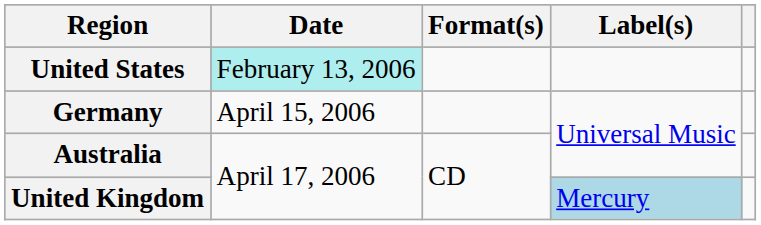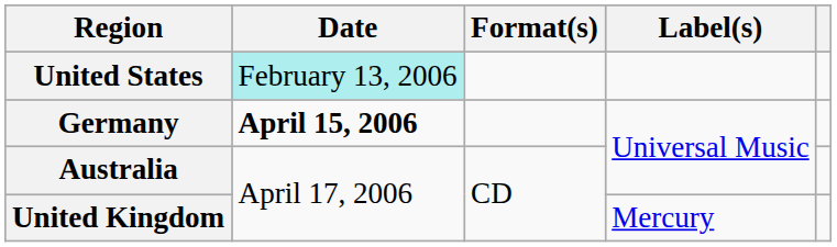 <table class="wikitable plainrowheaders">
 <tr>
 <th scope="col">Region</th>
 <th scope="col">Date</th>
 <th scope="col">Format(s)</th>
 <th scope="col">Label(s)</th>
 <th scope="col"></th>
 </tr>
 <tr>
 <th scope="row">United States</th>
 <td style="background: paleturquoise;">February 13, 2006</td>
 <td></td>
 <td></td>
 <td align="center"></td>
 </tr>
 <tr>
 <th scope="row">Germany</th>
-<td>April 15, 2006</td>
+<td><strong>April 15, 2006</strong></td>
 <td></td>
 <td rowspan="2"><a href='#'>Universal Music</a></td>
 <td></td>
 </tr>
 <tr>
 <th scope="row">Australia</th>
 <td rowspan="2">April 17, 2006</td>
 <td rowspan="2">CD</td>
 <td align="center"></td>
 </tr>
 <tr>
 <th scope="row">United Kingdom</th>
-<td style="background: lightblue;"><a href='#'>Mercury</a></td>
+<td><a href='#'>Mercury</a></td>
 <td align="center"></td>
 </tr>
 </table>
